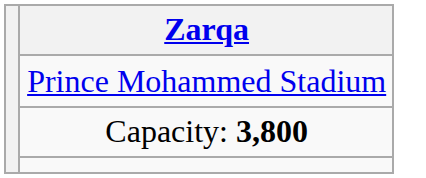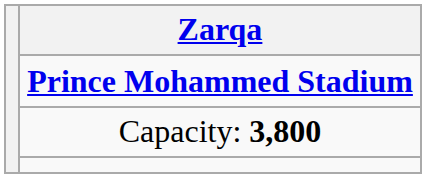 <table class="wikitable" style="text-align:center">
 <tr>
 <th rowspan="4"></th>
 <th><a href='#'>Zarqa</a></th>
 </tr>
 <tr>
-<td><a href='#'>Prince Mohammed Stadium</a></td>
+<td><strong><a href='#'>Prince Mohammed Stadium</a></strong></td>
 </tr>
 <tr>
 <td>Capacity: <strong>3,800</strong></td>
 </tr>
 <tr>
 <td></td>
 </tr>
 </table>
